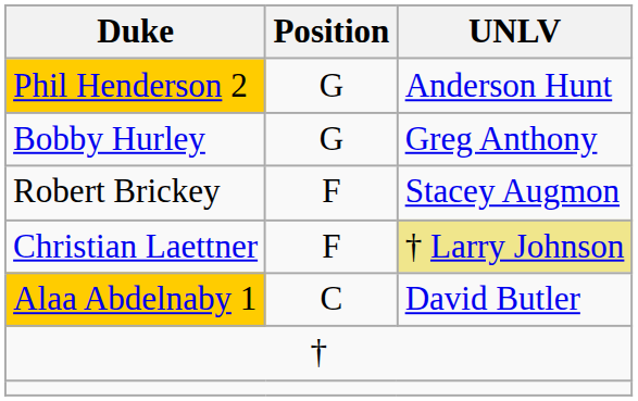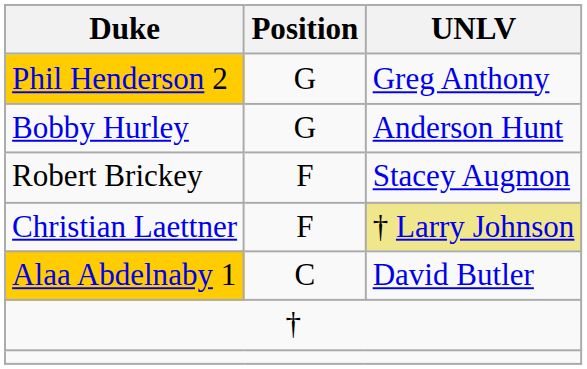 <table class="wikitable">
 <tr>
 <th>Duke</th>
 <th colspan="2">Position</th>
 <th>UNLV</th>
 </tr>
 <tr>
 <td style="background:#ffcc00"><a href='#'>Phil Henderson</a> 2</td>
 <td colspan=2 style="text-align:center">G</td>
-<td><a href='#'>Anderson Hunt</a></td>
+<td><a href='#'>Greg Anthony</a></td>
 </tr>
 <tr>
 <td><a href='#'>Bobby Hurley</a></td>
 <td colspan=2 style="text-align:center">G</td>
-<td><a href='#'>Greg Anthony</a></td>
+<td><a href='#'>Anderson Hunt</a></td>
 </tr>
 <tr>
 <td>Robert Brickey</td>
 <td colspan=2 style="text-align:center">F</td>
 <td><a href='#'>Stacey Augmon</a></td>
 </tr>
 <tr>
 <td><a href='#'>Christian Laettner</a></td>
 <td colspan=2 style="text-align:center">F</td>
 <td style="background: khaki;">† <a href='#'>Larry Johnson</a></td>
 </tr>
 <tr>
 <td style="background:#ffcc00"><a href='#'>Alaa Abdelnaby</a> 1</td>
 <td colspan=2 style="text-align:center">C</td>
 <td><a href='#'>David Butler</a></td>
 </tr>
 <tr>
 <td colspan="5" align=center>† </td>
 </tr>
 <tr>
 <td colspan="5" align=center></td>
 </tr>
 </table>
